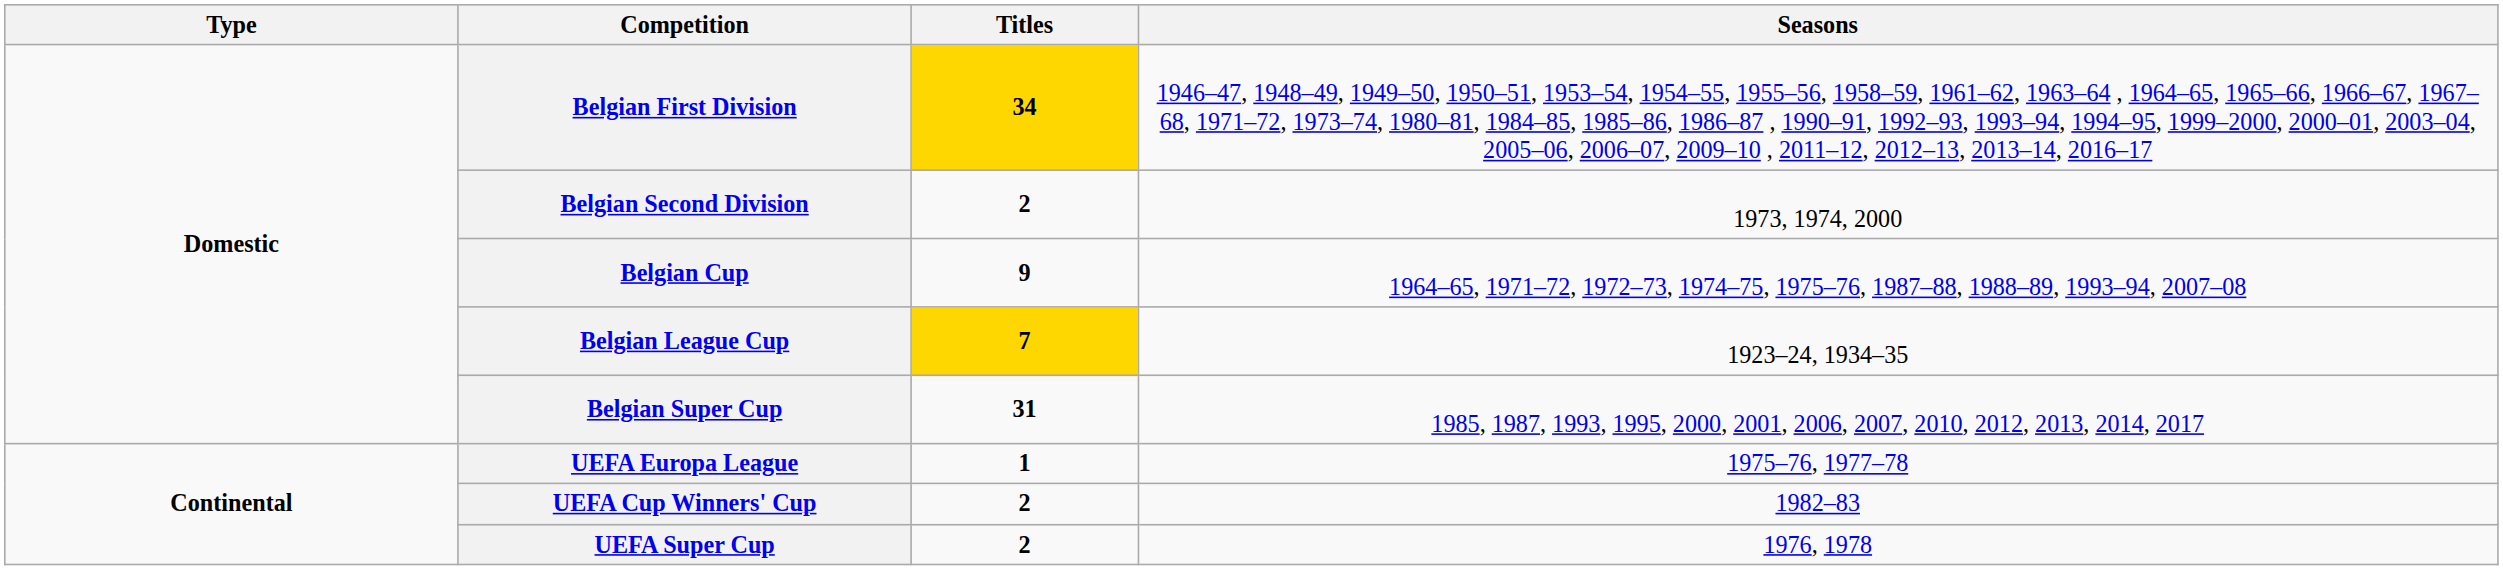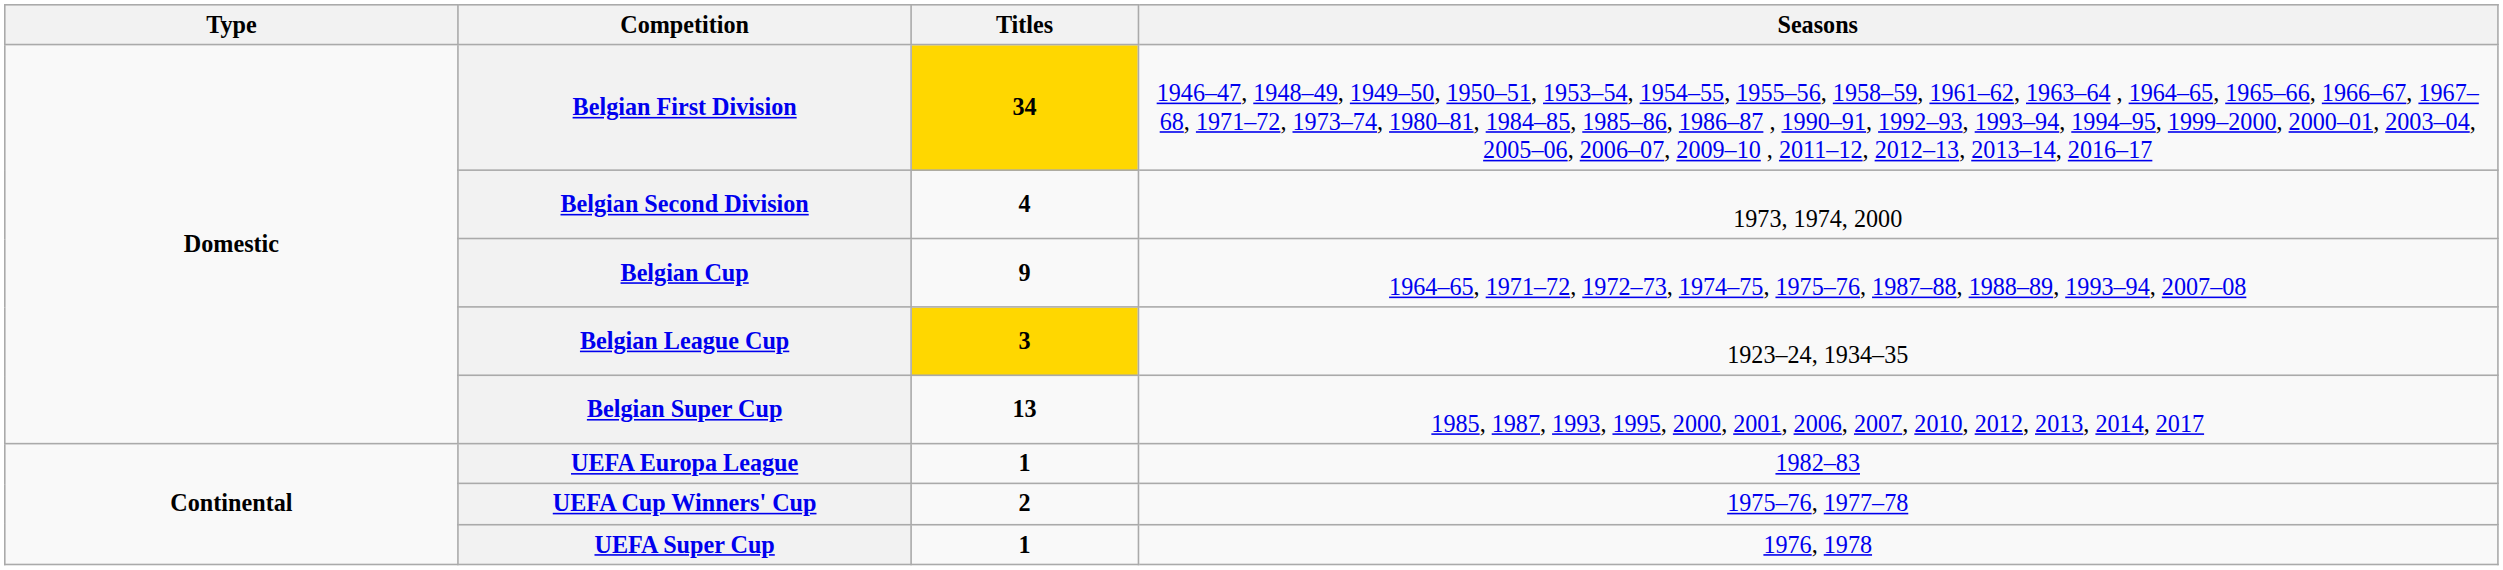 <table class="wikitable plainrowheaders" style="font-size:95%; text-align:center;">
 <tr>
 <th style="width: 10%;">Type</th>
 <th style="width: 10%;">Competition</th>
 <th style="width: 5%;">Titles</th>
 <th style="width: 30%;">Seasons</th>
 </tr>
 <tr>
 <td rowspan="5"><strong>Domestic</strong></td>
 <th scope=col><a href='#'>Belgian First Division</a></th>
 <td scope=col style="background-color: gold"><strong>34</strong></td>
 <td><br><a href='#'>1946–47</a>,  <a href='#'>1948–49</a>,  <a href='#'>1949–50</a>,  <a href='#'>1950–51</a>,  <a href='#'>1953–54</a>,  <a href='#'>1954–55</a>,  <a href='#'>1955–56</a>,  <a href='#'>1958–59</a>,  <a href='#'>1961–62</a>,  <a href='#'>1963–64</a> ,  <a href='#'>1964–65</a>,  <a href='#'>1965–66</a>,  <a href='#'>1966–67</a>,  <a href='#'>1967–68</a>,  <a href='#'>1971–72</a>,  <a href='#'>1973–74</a>,  <a href='#'>1980–81</a>,  <a href='#'>1984–85</a>,  <a href='#'>1985–86</a>,  <a href='#'>1986–87</a> ,  <a href='#'>1990–91</a>,  <a href='#'>1992–93</a>,  <a href='#'>1993–94</a>,  <a href='#'>1994–95</a>,  <a href='#'>1999–2000</a>,  <a href='#'>2000–01</a>,  <a href='#'>2003–04</a>,  <a href='#'>2005–06</a>,  <a href='#'>2006–07</a>,  <a href='#'>2009–10</a> ,  <a href='#'>2011–12</a>, <a href='#'>2012–13</a>,  <a href='#'>2013–14</a>,  <a href='#'>2016–17</a></td>
 </tr>
 <tr>
 <th scope=col><a href='#'>Belgian Second Division</a></th>
-<td><strong>2</strong></td>
+<td><strong>4</strong></td>
 <td><br>1973,  1974,  2000</td>
 </tr>
 <tr>
 <th scope=col><a href='#'>Belgian Cup</a></th>
 <td><strong>9</strong></td>
 <td><br><a href='#'>1964–65</a>,  <a href='#'>1971–72</a>,  <a href='#'>1972–73</a>,  <a href='#'>1974–75</a>,  <a href='#'>1975–76</a>,  <a href='#'>1987–88</a>,  <a href='#'>1988–89</a>,  <a href='#'>1993–94</a>,  <a href='#'>2007–08</a></td>
 </tr>
 <tr>
 <th scope=col><a href='#'>Belgian League Cup</a></th>
-<td scope=col style="background-color: gold"><strong>7</strong></td>
+<td scope=col style="background-color: gold"><strong>3</strong></td>
 <td><br>1923–24,  1934–35</td>
 </tr>
 <tr>
 <th scope=col><a href='#'>Belgian Super Cup</a></th>
-<td><strong>31</strong></td>
+<td><strong>13</strong></td>
 <td><br><a href='#'>1985</a>,  <a href='#'>1987</a>,  <a href='#'>1993</a>,  <a href='#'>1995</a>,  <a href='#'>2000</a>, <a href='#'>2001</a>, <a href='#'>2006</a>, <a href='#'>2007</a>, <a href='#'>2010</a>, <a href='#'>2012</a>, <a href='#'>2013</a>, <a href='#'>2014</a>, <a href='#'>2017</a></td>
 </tr>
 <tr>
 <td rowspan="3"><strong>Continental</strong></td>
 <th scope="col"><a href='#'>UEFA Europa League</a></th>
 <td><strong>1</strong></td>
-<td><a href='#'>1975–76</a>, <a href='#'>1977–78</a></td>
+<td><a href='#'>1982–83</a></td>
 </tr>
 <tr>
 <th><a href='#'>UEFA Cup Winners' Cup</a></th>
 <td><strong>2</strong></td>
-<td><a href='#'>1982–83</a></td>
+<td><a href='#'>1975–76</a>, <a href='#'>1977–78</a></td>
 </tr>
 <tr>
 <th><a href='#'>UEFA Super Cup</a></th>
-<td><strong>2</strong></td>
+<td><strong>1</strong></td>
 <td><a href='#'>1976</a>, <a href='#'>1978</a></td>
 </tr>
 </table>
